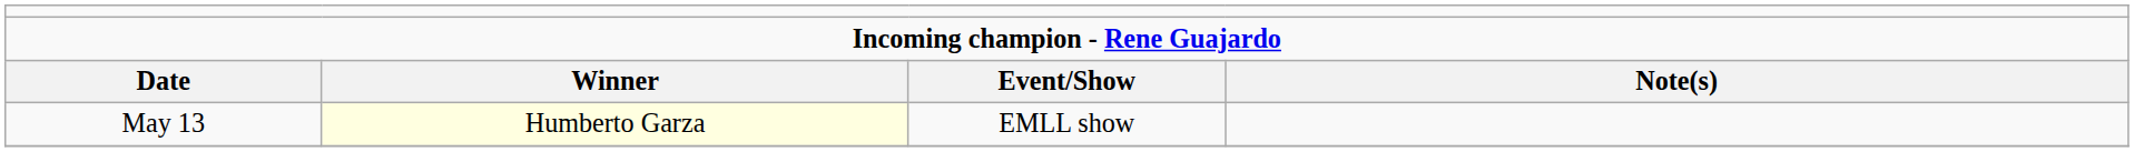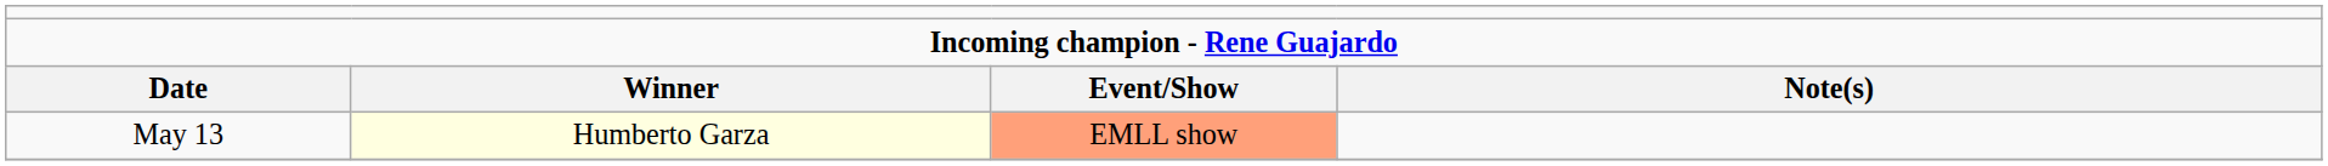 <table class="wikitable" style="text-align:center; width:100%;">
 <tr>
 <td colspan=5></td>
 </tr>
 <tr>
 <td colspan=5><strong>Incoming champion - <a href='#'>Rene Guajardo</a></strong></td>
 </tr>
 <tr>
 <th width=14%>Date</th>
 <th width=26%>Winner</th>
 <th width=14%>Event/Show</th>
 <th width=40%>Note(s)</th>
 </tr>
 <tr>
 <td>May 13</td>
 <td style="background: lightyellow;">Humberto Garza</td>
-<td>EMLL show</td>
+<td style="background: lightsalmon;">EMLL show</td>
 <td></td>
 </tr>
 <tr>
 </tr>
 </table>
